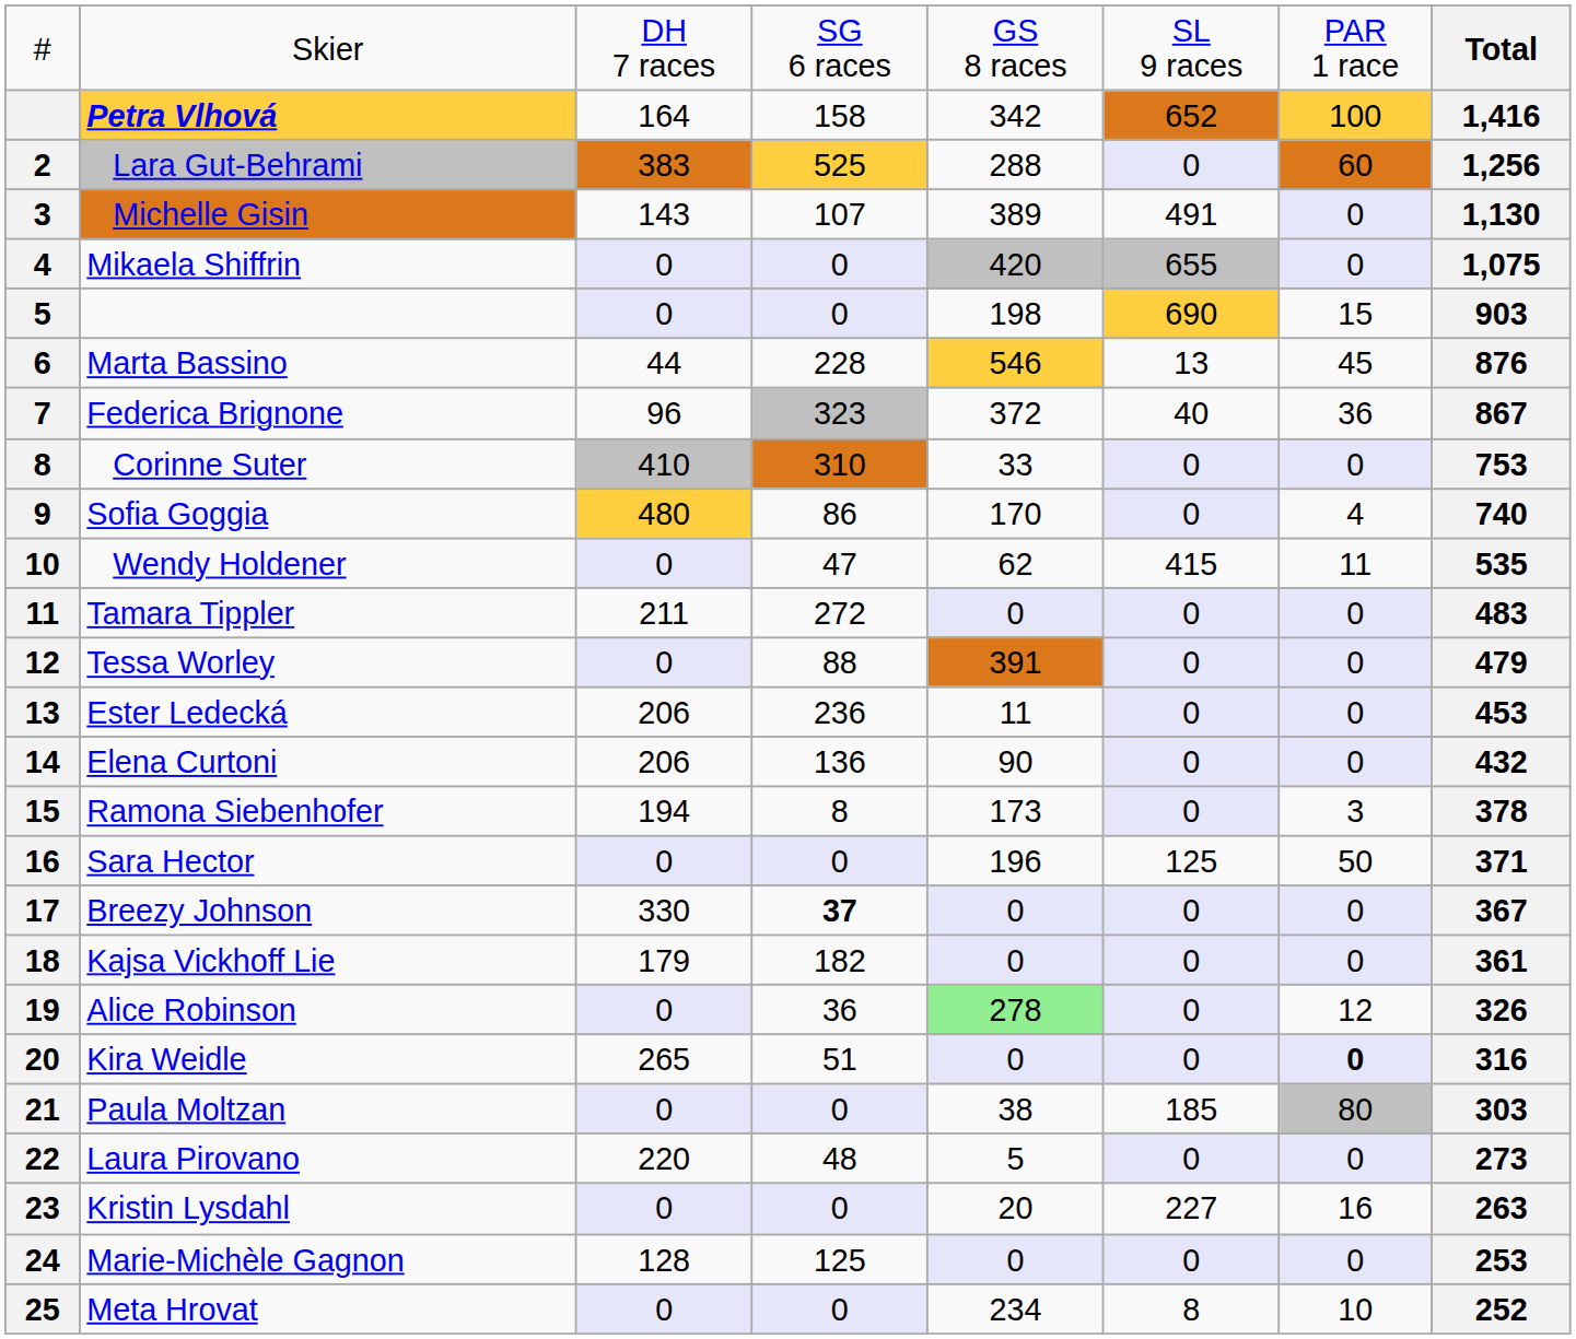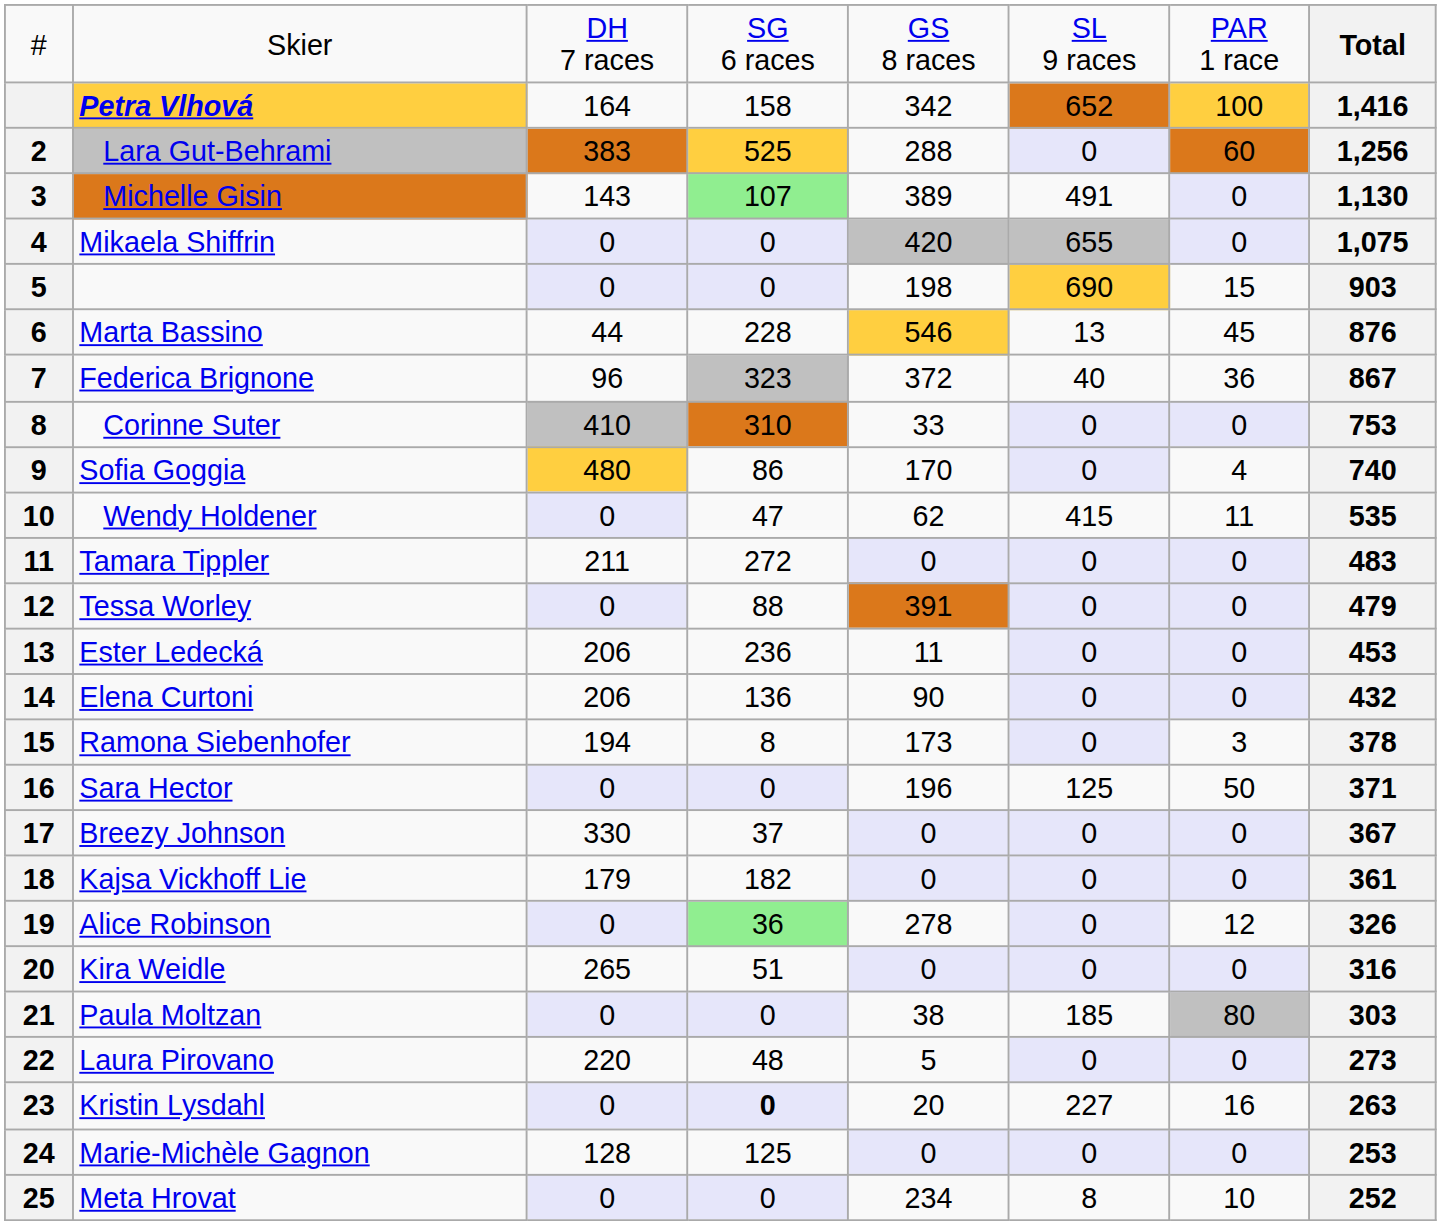 <table class="wikitable" width=60% style="font-size:95%; text-align:center;">
 <tr>
 <td>#</td>
 <td>Skier</td>
 <td><a href='#'>DH</a><br>7 races</td>
 <td><a href='#'>SG</a><br>6 races</td>
 <td><a href='#'>GS</a><br>8 races</td>
 <td><a href='#'>SL</a><br>9 races</td>
 <td> <a href='#'>PAR</a> <br>1 race</td>
 <th>Total</th>
 </tr>
 <tr>
 <th></th>
 <td align=left bgcolor=ffcf40> <strong><em><a href='#'>Petra Vlhová</a></em></strong></td>
 <td>164</td>
 <td>158</td>
 <td>342</td>
 <td bgcolor=db781b>652</td>
 <td bgcolor=ffcf40>100</td>
 <th>1,416</th>
 </tr>
 <tr>
 <th>2</th>
 <td align=left bgcolor=c0c0c0>   <a href='#'>Lara Gut-Behrami</a></td>
 <td bgcolor=db781b>383</td>
 <td bgcolor=ffcf40>525</td>
 <td>288</td>
 <td bgcolor=lavender>0</td>
 <td bgcolor=db781b>60</td>
 <th>1,256</th>
 </tr>
 <tr>
 <th>3</th>
 <td align=left bgcolor=db781b>   <a href='#'>Michelle Gisin</a></td>
 <td>143</td>
-<td>107</td>
+<td style="background: lightgreen;">107</td>
 <td>389</td>
 <td>491</td>
 <td bgcolor=lavender>0</td>
 <th>1,130</th>
 </tr>
 <tr>
 <th>4</th>
 <td align=left> <a href='#'>Mikaela Shiffrin</a></td>
 <td bgcolor=lavender>0</td>
 <td bgcolor=Lavender>0</td>
 <td bgcolor=c0c0c0>420</td>
 <td bgcolor=c0c0c0>655</td>
 <td bgcolor=lavender>0</td>
 <th>1,075</th>
 </tr>
 <tr>
 <th>5</th>
 <td align=left></td>
 <td bgcolor=lavender>0</td>
 <td bgcolor=lavender>0</td>
 <td>198</td>
 <td bgcolor=ffcf40>690</td>
 <td>15</td>
 <th>903</th>
 </tr>
 <tr>
 <th>6</th>
 <td align=left> <a href='#'>Marta Bassino</a></td>
 <td>44</td>
 <td>228</td>
 <td bgcolor=ffcf40>546</td>
 <td>13</td>
 <td>45</td>
 <th>876</th>
 </tr>
 <tr>
 <th>7</th>
 <td align=left> <a href='#'>Federica Brignone</a></td>
 <td>96</td>
 <td bgcolor=c0c0c0>323</td>
 <td>372</td>
 <td>40</td>
 <td>36</td>
 <th>867</th>
 </tr>
 <tr>
 <th>8</th>
 <td align=left>   <a href='#'>Corinne Suter</a></td>
 <td bgcolor=c0c0c0>410</td>
 <td bgcolor=db781b>310</td>
 <td>33</td>
 <td bgcolor=lavender>0</td>
 <td bgcolor=lavender>0</td>
 <th>753</th>
 </tr>
 <tr>
 <th>9</th>
 <td align=left> <a href='#'>Sofia Goggia</a></td>
 <td bgcolor=ffcf40>480</td>
 <td>86</td>
 <td>170</td>
 <td bgcolor=lavender>0</td>
 <td>4</td>
 <th>740</th>
 </tr>
 <tr>
 <th>10</th>
 <td align=left>   <a href='#'>Wendy Holdener</a></td>
 <td bgcolor=lavender>0</td>
 <td>47</td>
 <td>62</td>
 <td>415</td>
 <td>11</td>
 <th>535</th>
 </tr>
 <tr>
 <th>11</th>
 <td align=left> <a href='#'>Tamara Tippler</a></td>
 <td>211</td>
 <td>272</td>
 <td bgcolor=lavender>0</td>
 <td bgcolor=lavender>0</td>
 <td bgcolor=lavender>0</td>
 <th>483</th>
 </tr>
 <tr>
 <th>12</th>
 <td align=left> <a href='#'>Tessa Worley</a></td>
 <td bgcolor=lavender>0</td>
 <td>88</td>
 <td bgcolor=db781b>391</td>
 <td bgcolor=lavender>0</td>
 <td bgcolor=lavender>0</td>
 <th>479</th>
 </tr>
 <tr>
 <th>13</th>
 <td align=left> <a href='#'>Ester Ledecká</a></td>
 <td>206</td>
 <td>236</td>
 <td>11</td>
 <td bgcolor=lavender>0</td>
 <td bgcolor=lavender>0</td>
 <th>453</th>
 </tr>
 <tr>
 <th>14</th>
 <td align=left> <a href='#'>Elena Curtoni</a></td>
 <td>206</td>
 <td>136</td>
 <td>90</td>
 <td bgcolor=lavender>0</td>
 <td bgcolor=lavender>0</td>
 <th>432</th>
 </tr>
 <tr>
 <th>15</th>
 <td align=left> <a href='#'>Ramona Siebenhofer</a></td>
 <td>194</td>
 <td>8</td>
 <td>173</td>
 <td bgcolor=lavender>0</td>
 <td>3</td>
 <th>378</th>
 </tr>
 <tr>
 <th>16</th>
 <td align=left> <a href='#'>Sara Hector</a></td>
 <td bgcolor=lavender>0</td>
 <td bgcolor=lavender>0</td>
 <td>196</td>
 <td>125</td>
 <td>50</td>
 <th>371</th>
 </tr>
 <tr>
 <th>17</th>
 <td align=left> <a href='#'>Breezy Johnson</a></td>
 <td>330</td>
-<td><strong>37</strong></td>
+<td>37</td>
 <td bgcolor=lavender>0</td>
 <td bgcolor=lavender>0</td>
 <td bgcolor=lavender>0</td>
 <th>367</th>
 </tr>
 <tr>
 <th>18</th>
 <td align=left> <a href='#'>Kajsa Vickhoff Lie</a></td>
 <td>179</td>
 <td>182</td>
 <td bgcolor=lavender>0</td>
 <td bgcolor=lavender>0</td>
 <td bgcolor=lavender>0</td>
 <th>361</th>
 </tr>
 <tr>
 <th>19</th>
 <td align=left> <a href='#'>Alice Robinson</a></td>
 <td bgcolor=lavender>0</td>
-<td>36</td>
-<td style="background: lightgreen;">278</td>
+<td style="background: lightgreen;">36</td>
+<td>278</td>
 <td bgcolor=lavender>0</td>
 <td>12</td>
 <th>326</th>
 </tr>
 <tr>
 <th>20</th>
 <td align=left> <a href='#'>Kira Weidle</a></td>
 <td>265</td>
 <td>51</td>
 <td bgcolor=lavender>0</td>
 <td bgcolor=lavender>0</td>
-<td bgcolor=lavender><strong>0</strong></td>
+<td bgcolor=lavender>0</td>
 <th>316</th>
 </tr>
 <tr>
 <th>21</th>
 <td align=left> <a href='#'>Paula Moltzan</a></td>
 <td bgcolor=lavender>0</td>
 <td bgcolor=lavender>0</td>
 <td>38</td>
 <td>185</td>
 <td bgcolor=c0c0c0>80</td>
 <th>303</th>
 </tr>
 <tr>
 <th>22</th>
 <td align=left> <a href='#'>Laura Pirovano</a></td>
 <td>220</td>
 <td>48</td>
 <td>5</td>
 <td bgcolor=lavender>0</td>
 <td bgcolor=lavender>0</td>
 <th>273</th>
 </tr>
 <tr>
 <th>23</th>
 <td align=left> <a href='#'>Kristin Lysdahl</a></td>
 <td bgcolor=lavender>0</td>
-<td bgcolor=lavender>0</td>
+<td bgcolor=lavender><strong>0</strong></td>
 <td>20</td>
 <td>227</td>
 <td>16</td>
 <th>263</th>
 </tr>
 <tr>
 <th>24</th>
 <td align=left> <a href='#'>Marie-Michèle Gagnon</a></td>
 <td>128</td>
 <td>125</td>
 <td bgcolor=lavender>0</td>
 <td bgcolor=lavender>0</td>
 <td bgcolor=lavender>0</td>
 <th>253</th>
 </tr>
 <tr>
 <th>25</th>
 <td align=left> <a href='#'>Meta Hrovat</a></td>
 <td bgcolor=lavender>0</td>
 <td bgcolor=lavender>0</td>
 <td>234</td>
 <td>8</td>
 <td>10</td>
 <th>252</th>
 </tr>
 </table>
